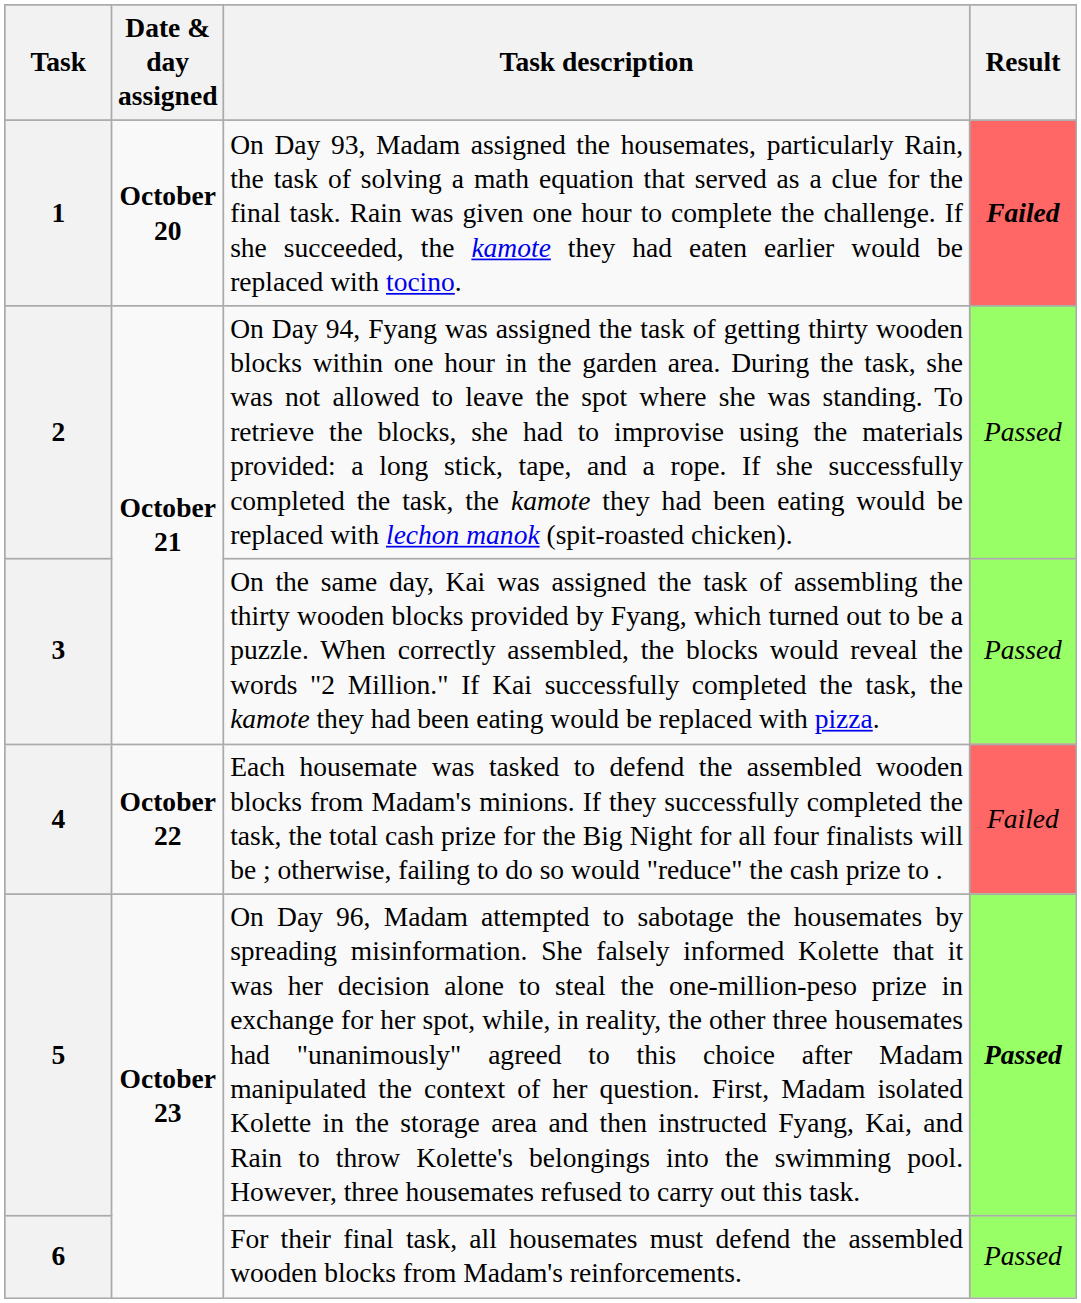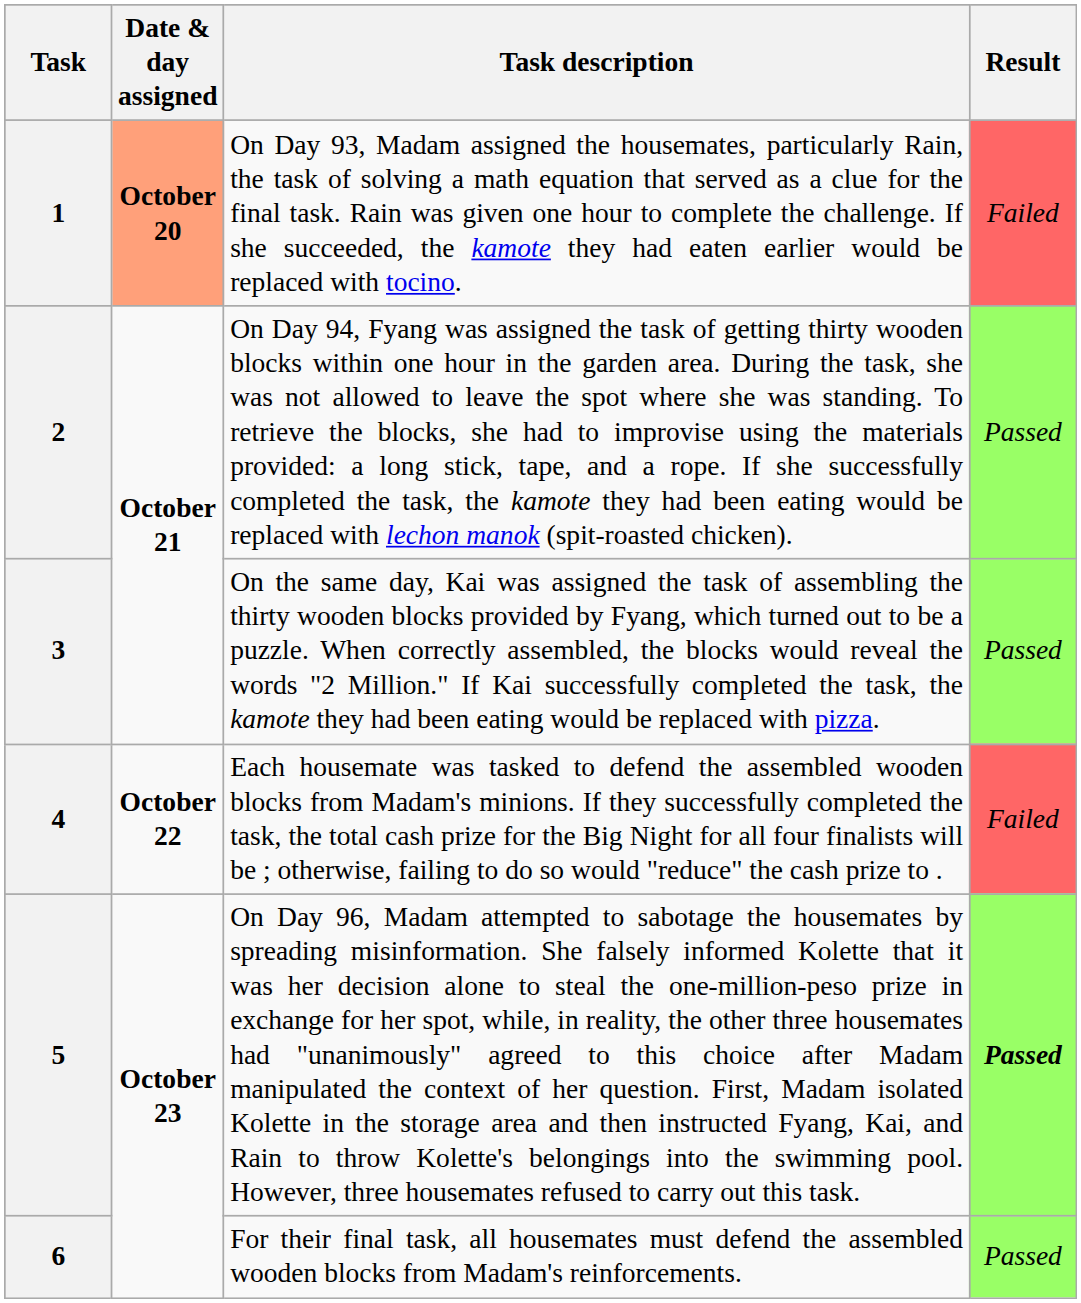 <table class="wikitable" style="margin:1em auto; font-size:100%; line-height:20px; text-align:center" width="100%">
 <tr>
 <th width="10%">Task </th>
 <th width="10%">Date & day<br>assigned</th>
 <th width="70%">Task description</th>
 <th width="10%">Result</th>
 </tr>
 <tr>
 <th>1</th>
-<td><strong>October 20</strong><br></td>
+<td style="background: lightsalmon;"><strong>October 20</strong><br></td>
 <td align="justify">On Day 93, Madam assigned the housemates, particularly Rain, the task of solving a math equation that served as a clue for the final task. Rain was given one hour to complete the challenge. If she succeeded, the <a href='#'><i>kamote</i></a> they had eaten earlier would be replaced with <a href='#'>tocino</a>.</td>
-<td style="background:#FF6666"><strong><em>Failed</em></strong></td>
+<td style="background:#FF6666"><em>Failed</em></td>
 </tr>
 <tr>
 <th>2</th>
 <td rowspan="2"><strong>October 21</strong><br></td>
 <td align="justify">On Day 94, Fyang was assigned the task of getting thirty wooden blocks within one hour in the garden area. During the task, she was not allowed to leave the spot where she was standing. To retrieve the blocks, she had to improvise using the materials provided: a long stick, tape, and a rope. If she successfully completed the task, the <em>kamote</em> they had been eating would be replaced with <em><a href='#'>lechon manok</a></em> (spit-roasted chicken).</td>
 <td style="background:#99FF66;"><em>Passed</em></td>
 </tr>
 <tr>
 <th>3</th>
 <td align="justify">On the same day, Kai was assigned the task of assembling the thirty wooden blocks provided by Fyang, which turned out to be a puzzle. When correctly assembled, the blocks would reveal the words "2 Million." If Kai successfully completed the task, the <em>kamote</em> they had been eating would be replaced with <a href='#'>pizza</a>.</td>
 <td style="background:#99FF66;"><em>Passed</em></td>
 </tr>
 <tr>
 <th>4</th>
 <td><strong>October 22</strong><br></td>
 <td align="justify">Each housemate was tasked to defend the assembled wooden blocks from Madam's minions. If they successfully completed the task, the total cash prize for the Big Night for all four finalists will be ; otherwise, failing to do so would "reduce" the cash prize to .</td>
 <td style="background:#FF6666"><em>Failed</em></td>
 </tr>
 <tr>
 <th>5</th>
 <td rowspan="2"><strong>October 23</strong><br></td>
 <td align="justify">On Day 96, Madam attempted to sabotage the housemates by spreading misinformation. She falsely informed Kolette that it was her decision alone to steal the one-million-peso prize in exchange for her spot, while, in reality, the other three housemates had "unanimously" agreed to this choice after Madam manipulated the context of her question. First, Madam isolated Kolette in the storage area and then instructed Fyang, Kai, and Rain to throw Kolette's belongings into the swimming pool. However, three housemates refused to carry out this task.</td>
 <td style="background:#99FF66;"><strong><em>Passed</em></strong></td>
 </tr>
 <tr>
 <th>6</th>
 <td align="justify">For their final task, all housemates must defend the assembled wooden blocks from Madam's reinforcements.</td>
 <td style="background:#99FF66;"><em>Passed</em></td>
 </tr>
 </table>
